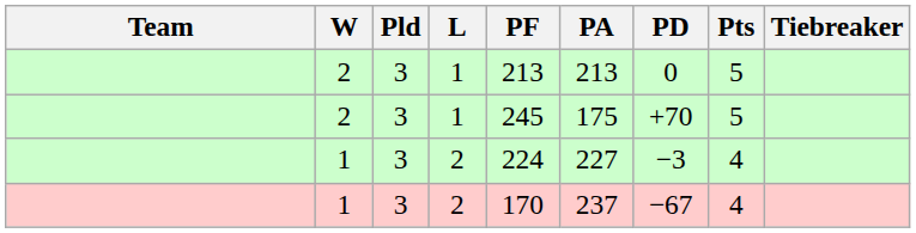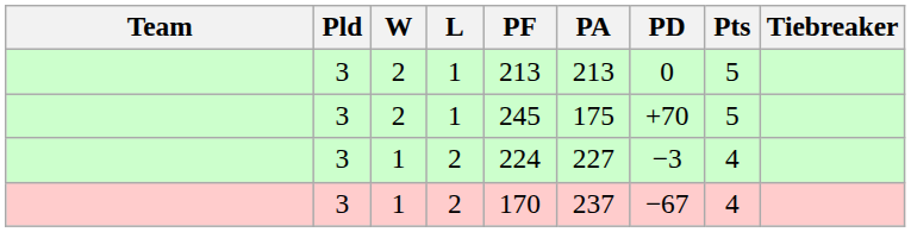 <table class="wikitable" style="text-align:center;">
 <tr>
 <th width=170>Team</th>
+<th width=25>Pld</th>
 <th width=25>W</th>
-<th width=25>Pld</th>
 <th width=25>L</th>
 <th width=35>PF</th>
 <th width=35>PA</th>
 <th width=35>PD</th>
 <th width=25>Pts</th>
 <th width=50>Tiebreaker</th>
 </tr>
 <tr bgcolor=ccffcc>
 <td align="left"></td>
+<td>3</td>
 <td>2</td>
-<td>3</td>
 <td>1</td>
 <td>213</td>
 <td>213</td>
 <td>0</td>
 <td>5</td>
 <td></td>
 </tr>
 <tr bgcolor=ccffcc>
 <td align="left"></td>
+<td>3</td>
 <td>2</td>
-<td>3</td>
 <td>1</td>
 <td>245</td>
 <td>175</td>
 <td>+70</td>
 <td>5</td>
 <td></td>
 </tr>
 <tr bgcolor=ccffcc>
 <td align="left"></td>
+<td>3</td>
 <td>1</td>
-<td>3</td>
 <td>2</td>
 <td>224</td>
 <td>227</td>
 <td>−3</td>
 <td>4</td>
 <td></td>
 </tr>
 <tr bgcolor=ffcccc>
 <td align="left"></td>
+<td>3</td>
 <td>1</td>
-<td>3</td>
 <td>2</td>
 <td>170</td>
 <td>237</td>
 <td>−67</td>
 <td>4</td>
 <td></td>
 </tr>
 </table>
